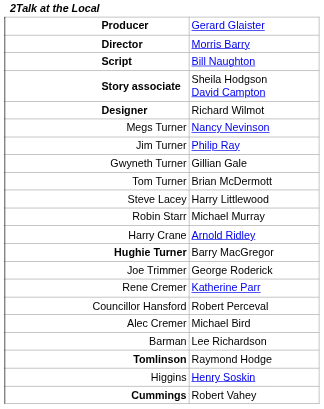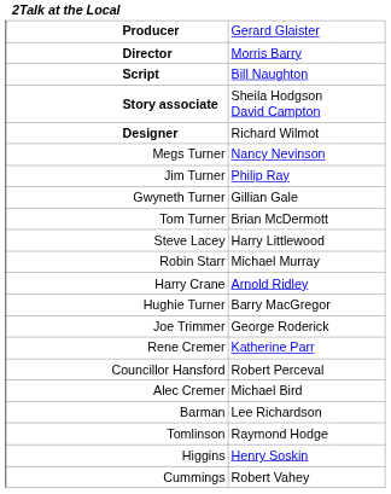 <table class="wikitable mw-collapsible mw-collapsed" style="vertical-align:top;margin:auto 2em;line-height:1.2;min-width:33em;display: inline-table;background-color:inherit;border:none;">
 <tr>
 <td class=unsortable style="border:hidden;line-height:1.67;text-align:center;margin-left:-1em;padding-left:0.5em;min-width:1.0em;"></td>
 <td class=unsortable style="border:none;padding-left:0.5em;text-align:left;min-width:16.5em;font-weight:700;font-style:italic;">2Talk at the Local</td>
 <td class=unsortable style="border-style:none;text-align:right;font-weight:normal;font-family:Courier;font-size:95%;letter-spacing:-1pt;min-width:8.5em;padding-right:0.2em;"></td>
 <td class=unsortable style="border-style:none;min-width:3.5em;padding-left:0;"></td>
 <td class=unsortable style="border:hidden;min-width:3.5em;font-size:95%;"></td>
 </tr>
 <tr>
 <td rowspan=100 style="border:none thin;border-right-style :solid;"></td>
 </tr>
 <tr>
 <td style="text-align:left;padding-left:9.0em;font-weight:bold;">Producer</td>
 <td colspan=2><a href='#'>Gerard Glaister</a></td>
 </tr>
 <tr>
 <td style="text-align:left;padding-left:9.0em;font-weight:bold;">Director</td>
 <td colspan=2><a href='#'>Morris Barry</a></td>
 </tr>
 <tr>
 <td style="text-align:left;padding-left:9.0em;font-weight:bold;">Script</td>
 <td colspan=2><a href='#'>Bill Naughton</a></td>
 </tr>
 <tr>
 <td style="text-align:left;padding-left:9.0em;font-weight:bold;">Story associate</td>
 <td colspan=2>Sheila Hodgson<br><a href='#'>David Campton</a></td>
 </tr>
 <tr>
 <td style="text-align:left;padding-left:9.0em;font-weight:bold;">Designer</td>
 <td colspan=2>Richard Wilmot</td>
 </tr>
 <tr>
 <td style="text-align:right;">Megs Turner</td>
 <td colspan=2><a href='#'>Nancy Nevinson</a></td>
 </tr>
 <tr>
 <td style="text-align:right;">Jim Turner</td>
 <td colspan=2><a href='#'>Philip Ray</a></td>
 </tr>
 <tr>
 <td style="text-align:right;">Gwyneth Turner</td>
 <td colspan=2>Gillian Gale</td>
 </tr>
 <tr>
 <td style="text-align:right;">Tom Turner</td>
 <td colspan=2>Brian McDermott</td>
 </tr>
 <tr>
 <td style="text-align:right;">Steve Lacey</td>
 <td colspan=2>Harry Littlewood</td>
 </tr>
 <tr>
 <td style="text-align:right;">Robin Starr</td>
 <td colspan=2>Michael Murray</td>
 </tr>
 <tr>
 <td style="text-align:right;">Harry Crane</td>
 <td colspan=2><a href='#'>Arnold Ridley</a></td>
 </tr>
 <tr>
-<td style="text-align:right;"><strong>Hughie Turner</strong></td>
+<td style="text-align:right;">Hughie Turner</td>
 <td colspan=2>Barry MacGregor</td>
 </tr>
 <tr>
 <td style="text-align:right;">Joe Trimmer</td>
 <td colspan=2>George Roderick</td>
 </tr>
 <tr>
 <td style="text-align:right;">Rene Cremer</td>
 <td colspan=2><a href='#'>Katherine Parr</a></td>
 </tr>
 <tr>
 <td style="text-align:right;">Councillor Hansford</td>
 <td colspan=2>Robert Perceval</td>
 </tr>
 <tr>
 <td style="text-align:right;">Alec Cremer</td>
 <td colspan=2>Michael Bird</td>
 </tr>
 <tr>
 <td style="text-align:right;">Barman</td>
 <td colspan=2>Lee Richardson</td>
 </tr>
 <tr>
-<td style="text-align:right;"><strong>Tomlinson</strong></td>
+<td style="text-align:right;">Tomlinson</td>
 <td colspan=2>Raymond Hodge</td>
 </tr>
 <tr>
 <td style="text-align:right;">Higgins</td>
 <td colspan=2><a href='#'>Henry Soskin</a></td>
 </tr>
 <tr>
-<td style="text-align:right;"><strong>Cummings</strong></td>
+<td style="text-align:right;">Cummings</td>
 <td colspan=2>Robert Vahey</td>
 </tr>
 </table>
